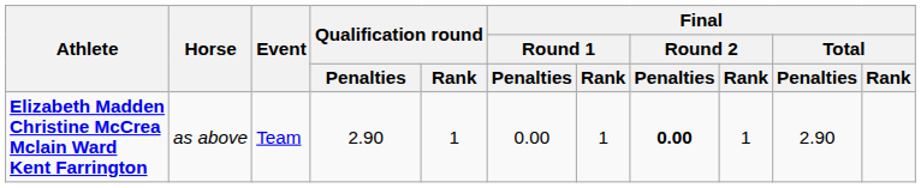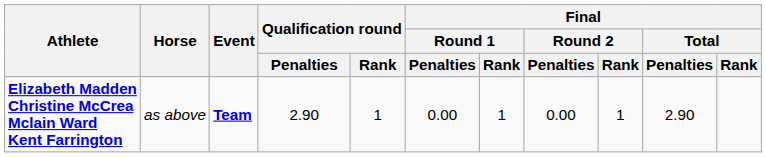 <table class=wikitable style="font-size:90%">
 <tr>
 <th rowspan=3>Athlete</th>
 <th rowspan=3>Horse</th>
 <th rowspan=3>Event</th>
 <th colspan=2 rowspan=2>Qualification round</th>
 <th colspan=8>Final</th>
 </tr>
 <tr>
 <th colspan=2>Round 1</th>
 <th colspan=2>Round 2</th>
 <th colspan=2>Total</th>
 </tr>
 <tr>
 <th>Penalties</th>
 <th>Rank</th>
 <th>Penalties</th>
 <th>Rank</th>
 <th>Penalties</th>
 <th>Rank</th>
 <th>Penalties</th>
 <th>Rank</th>
 </tr>
 <tr align=center>
 <td align=left><strong><a href='#'>Elizabeth Madden</a><br><a href='#'>Christine McCrea</a><br><a href='#'>Mclain Ward</a><br><a href='#'>Kent Farrington</a></strong></td>
 <td align=left><em>as above</em></td>
-<td align=left><a href='#'>Team</a></td>
+<td align=left><strong><a href='#'>Team</a></strong></td>
 <td>2.90</td>
 <td>1</td>
 <td>0.00</td>
 <td>1</td>
-<td><strong>0.00</strong></td>
+<td>0.00</td>
 <td>1</td>
 <td>2.90</td>
 <td></td>
 </tr>
 </table>
